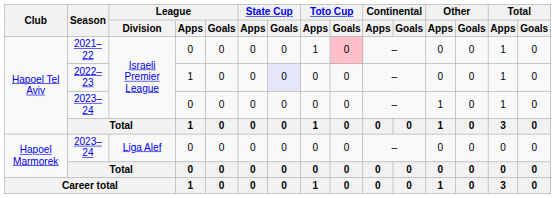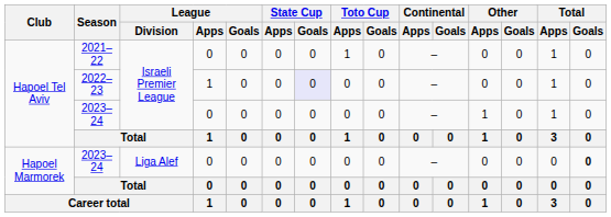 <table class="wikitable" style="text-align: center">
 <tr>
 <th rowspan="2">Club</th>
 <th rowspan="2">Season</th>
 <th colspan="3">League</th>
 <th colspan="2"><a href='#'>State Cup</a></th>
 <th colspan="2"><a href='#'>Toto Cup</a></th>
 <th colspan="2">Continental</th>
 <th colspan="2">Other</th>
 <th colspan="2">Total</th>
 </tr>
 <tr>
 <th>Division</th>
 <th>Apps</th>
 <th>Goals</th>
 <th>Apps</th>
 <th>Goals</th>
 <th>Apps</th>
 <th>Goals</th>
 <th>Apps</th>
 <th>Goals</th>
 <th>Apps</th>
 <th>Goals</th>
 <th>Apps</th>
 <th>Goals</th>
 </tr>
 <tr>
 <td rowspan="4"><a href='#'>Hapoel Tel Aviv</a></td>
 <td><a href='#'>2021–22</a></td>
 <td rowspan="3"><a href='#'>Israeli Premier League</a></td>
 <td>0</td>
 <td>0</td>
 <td>0</td>
 <td>0</td>
 <td>1</td>
-<td style="background: pink;">0</td>
+<td>0</td>
 <td colspan="2">–</td>
 <td>0</td>
 <td>0</td>
 <td>1</td>
 <td>0</td>
 </tr>
 <tr>
 <td><a href='#'>2022–23</a></td>
 <td>1</td>
 <td>0</td>
 <td>0</td>
 <td style="background: lavender;">0</td>
 <td>0</td>
 <td>0</td>
 <td colspan="2">–</td>
 <td>0</td>
 <td>0</td>
 <td>1</td>
 <td>0</td>
 </tr>
 <tr>
 <td><a href='#'>2023–24</a></td>
 <td>0</td>
 <td>0</td>
 <td>0</td>
 <td>0</td>
 <td>0</td>
 <td>0</td>
 <td colspan="2">–</td>
 <td>1</td>
 <td>0</td>
 <td>1</td>
 <td>0</td>
 </tr>
 <tr>
 <th colspan="2"><strong>Total</strong></th>
 <th>1</th>
 <th>0</th>
 <th>0</th>
 <th>0</th>
 <th>1</th>
 <th>0</th>
 <th>0</th>
 <th>0</th>
 <th>1</th>
 <th>0</th>
 <th>3</th>
 <th>0</th>
 </tr>
 <tr>
 <td rowspan="2"><a href='#'>Hapoel Marmorek</a></td>
 <td><a href='#'>2023–24</a></td>
 <td rowspan="1"><a href='#'>Liga Alef</a></td>
 <td>0</td>
 <td>0</td>
 <td>0</td>
 <td>0</td>
 <td>0</td>
 <td>0</td>
 <td colspan="2">–</td>
 <td>0</td>
 <td>0</td>
 <td>0</td>
-<td>0</td>
+<td><strong>0</strong></td>
 </tr>
 <tr>
 <th colspan="2"><strong>Total</strong></th>
 <th>0</th>
 <th>0</th>
 <th>0</th>
 <th>0</th>
 <th>0</th>
 <th>0</th>
 <th>0</th>
 <th>0</th>
 <th>0</th>
 <th>0</th>
 <th>0</th>
 <th>0</th>
 </tr>
 <tr>
 <th colspan="3"><strong>Career total</strong></th>
 <th>1</th>
 <th>0</th>
 <th>0</th>
 <th>0</th>
 <th>1</th>
 <th>0</th>
 <th>0</th>
 <th>0</th>
 <th>1</th>
 <th>0</th>
 <th>3</th>
 <th>0</th>
 </tr>
 </table>
